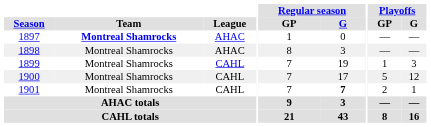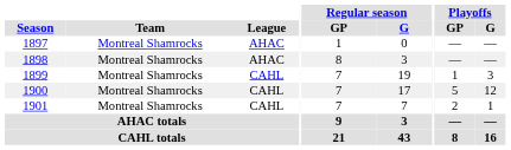 <table border="0" cellpadding="1" cellspacing="0" style="text-align:center; width:40em">
 <tr bgcolor="#e0e0e0">
 <th colspan="3" bgcolor="#ffffff"></th>
 <th rowspan="100" bgcolor="#ffffff"></th>
 <th colspan="2"><a href='#'>Regular season</a></th>
 <th rowspan="100" bgcolor="#ffffff"></th>
 <th colspan="2"><a href='#'>Playoffs</a></th>
 </tr>
 <tr bgcolor="#e0e0e0">
 <th><a href='#'>Season</a></th>
 <th>Team</th>
 <th>League</th>
 <th>GP</th>
 <th><a href='#'>G</a></th>
 <th>GP</th>
 <th>G</th>
 </tr>
 <tr>
 <td><a href='#'>1897</a></td>
-<td><strong><a href='#'>Montreal Shamrocks</a></strong></td>
+<td><a href='#'>Montreal Shamrocks</a></td>
 <td><a href='#'>AHAC</a></td>
 <td>1</td>
 <td>0</td>
 <td>—</td>
 <td>—</td>
 </tr>
 <tr bgcolor="#f0f0f0">
 <td><a href='#'>1898</a></td>
 <td>Montreal Shamrocks</td>
 <td>AHAC</td>
 <td>8</td>
 <td>3</td>
 <td>—</td>
 <td>—</td>
 </tr>
 <tr>
 <td><a href='#'>1899</a></td>
 <td>Montreal Shamrocks</td>
 <td><a href='#'>CAHL</a></td>
 <td>7</td>
 <td>19</td>
 <td>1</td>
 <td>3</td>
 </tr>
 <tr bgcolor="#f0f0f0">
 <td><a href='#'>1900</a></td>
 <td>Montreal Shamrocks</td>
 <td>CAHL</td>
 <td>7</td>
 <td>17</td>
 <td>5</td>
 <td>12</td>
 </tr>
 <tr>
 <td><a href='#'>1901</a></td>
 <td>Montreal Shamrocks</td>
 <td>CAHL</td>
 <td>7</td>
-<td><strong>7</strong></td>
+<td>7</td>
 <td>2</td>
 <td>1</td>
 </tr>
 <tr bgcolor="#e0e0e0">
 <th colspan="3">AHAC totals</th>
 <th>9</th>
 <th>3</th>
 <th>—</th>
 <th>—</th>
 </tr>
 <tr bgcolor="#e0e0e0">
 <th colspan="3">CAHL totals</th>
 <th>21</th>
 <th>43</th>
 <th>8</th>
 <th>16</th>
 </tr>
 </table>
